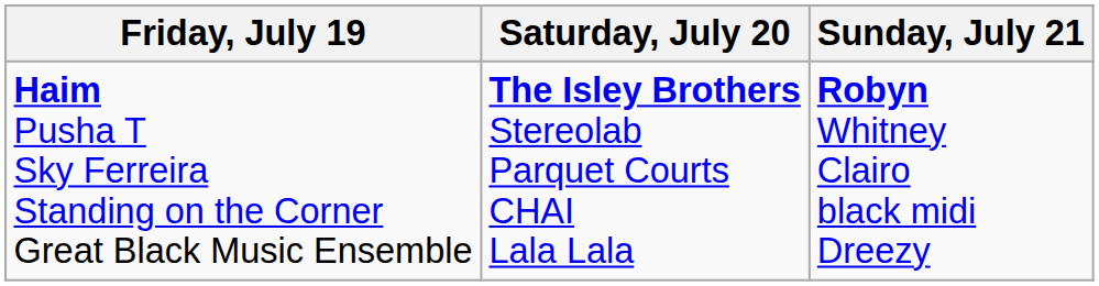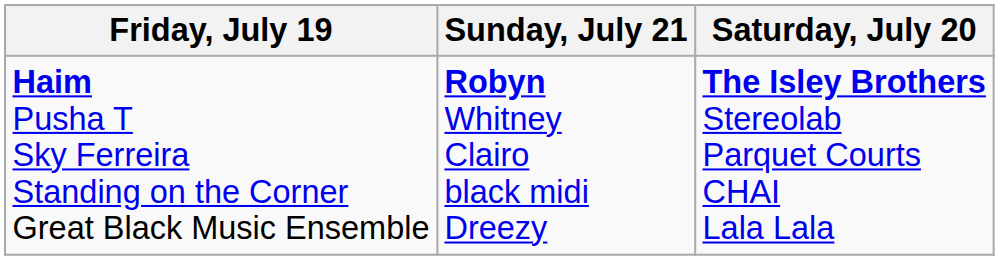 <table class="wikitable">
 <tr>
 <th>Friday, July 19</th>
+<th>Sunday, July 21</th>
 <th>Saturday, July 20</th>
-<th>Sunday, July 21</th>
 </tr>
 <tr valign="top">
 <td><strong><a href='#'>Haim</a></strong><br><a href='#'>Pusha T</a><br><a href='#'>Sky Ferreira</a><br><a href='#'>Standing on the Corner</a><br>Great Black Music Ensemble</td>
+<td><strong><a href='#'>Robyn</a></strong><br><a href='#'>Whitney</a><br><a href='#'>Clairo</a><br><a href='#'>black midi</a><br><a href='#'>Dreezy</a></td>
 <td><strong><a href='#'>The Isley Brothers</a></strong><br><a href='#'>Stereolab</a><br><a href='#'>Parquet Courts</a><br><a href='#'>CHAI</a><br><a href='#'>Lala Lala</a></td>
-<td><strong><a href='#'>Robyn</a></strong><br><a href='#'>Whitney</a><br><a href='#'>Clairo</a><br><a href='#'>black midi</a><br><a href='#'>Dreezy</a></td>
 </tr>
 </table>
